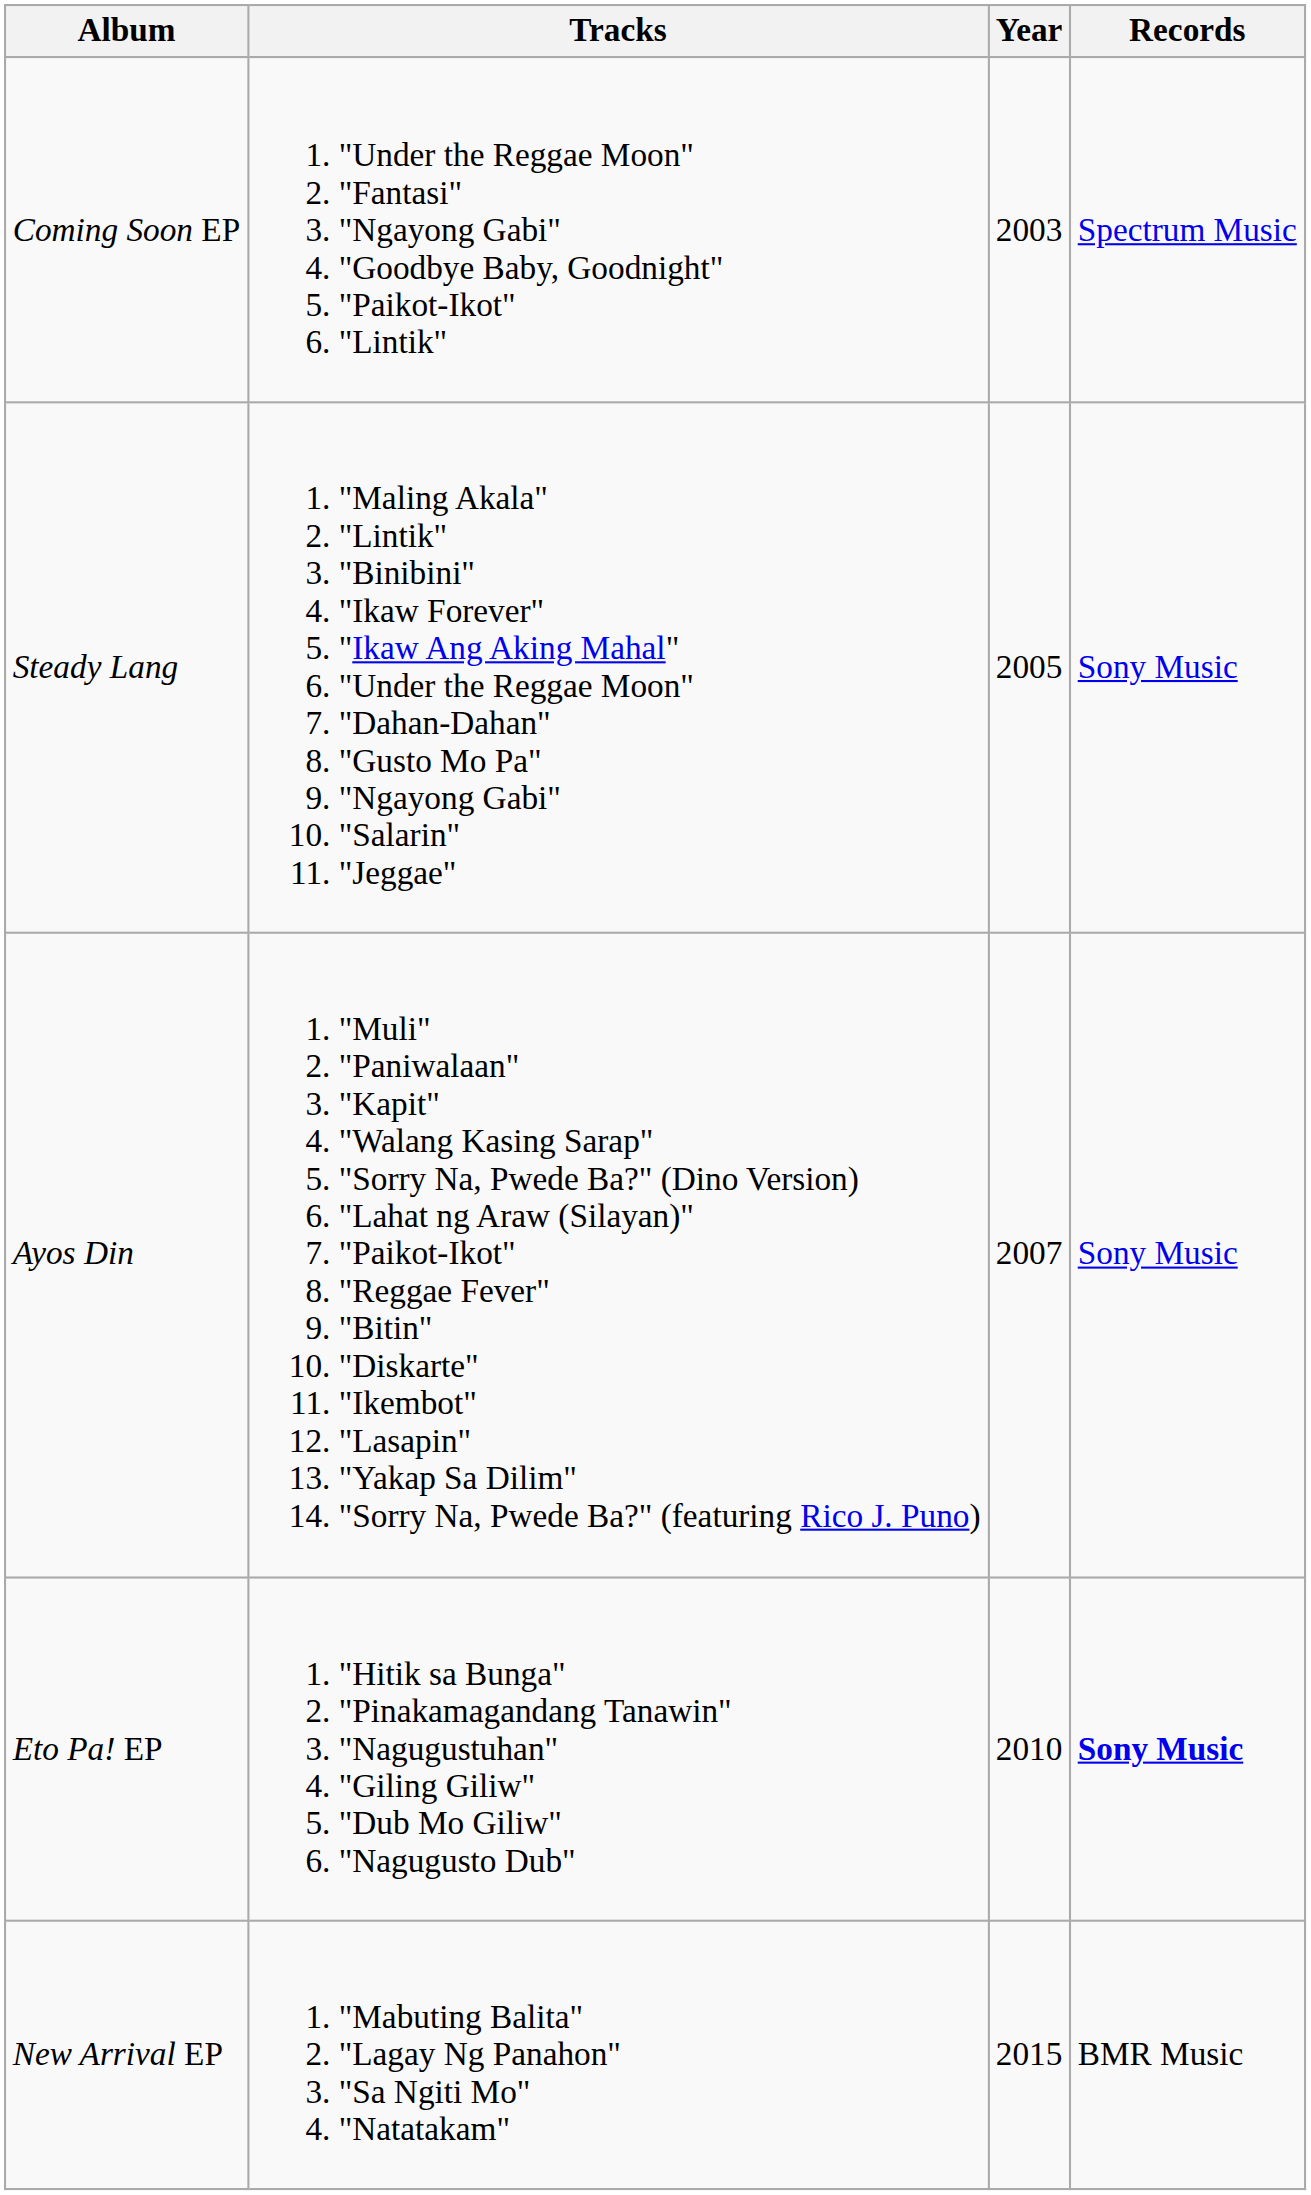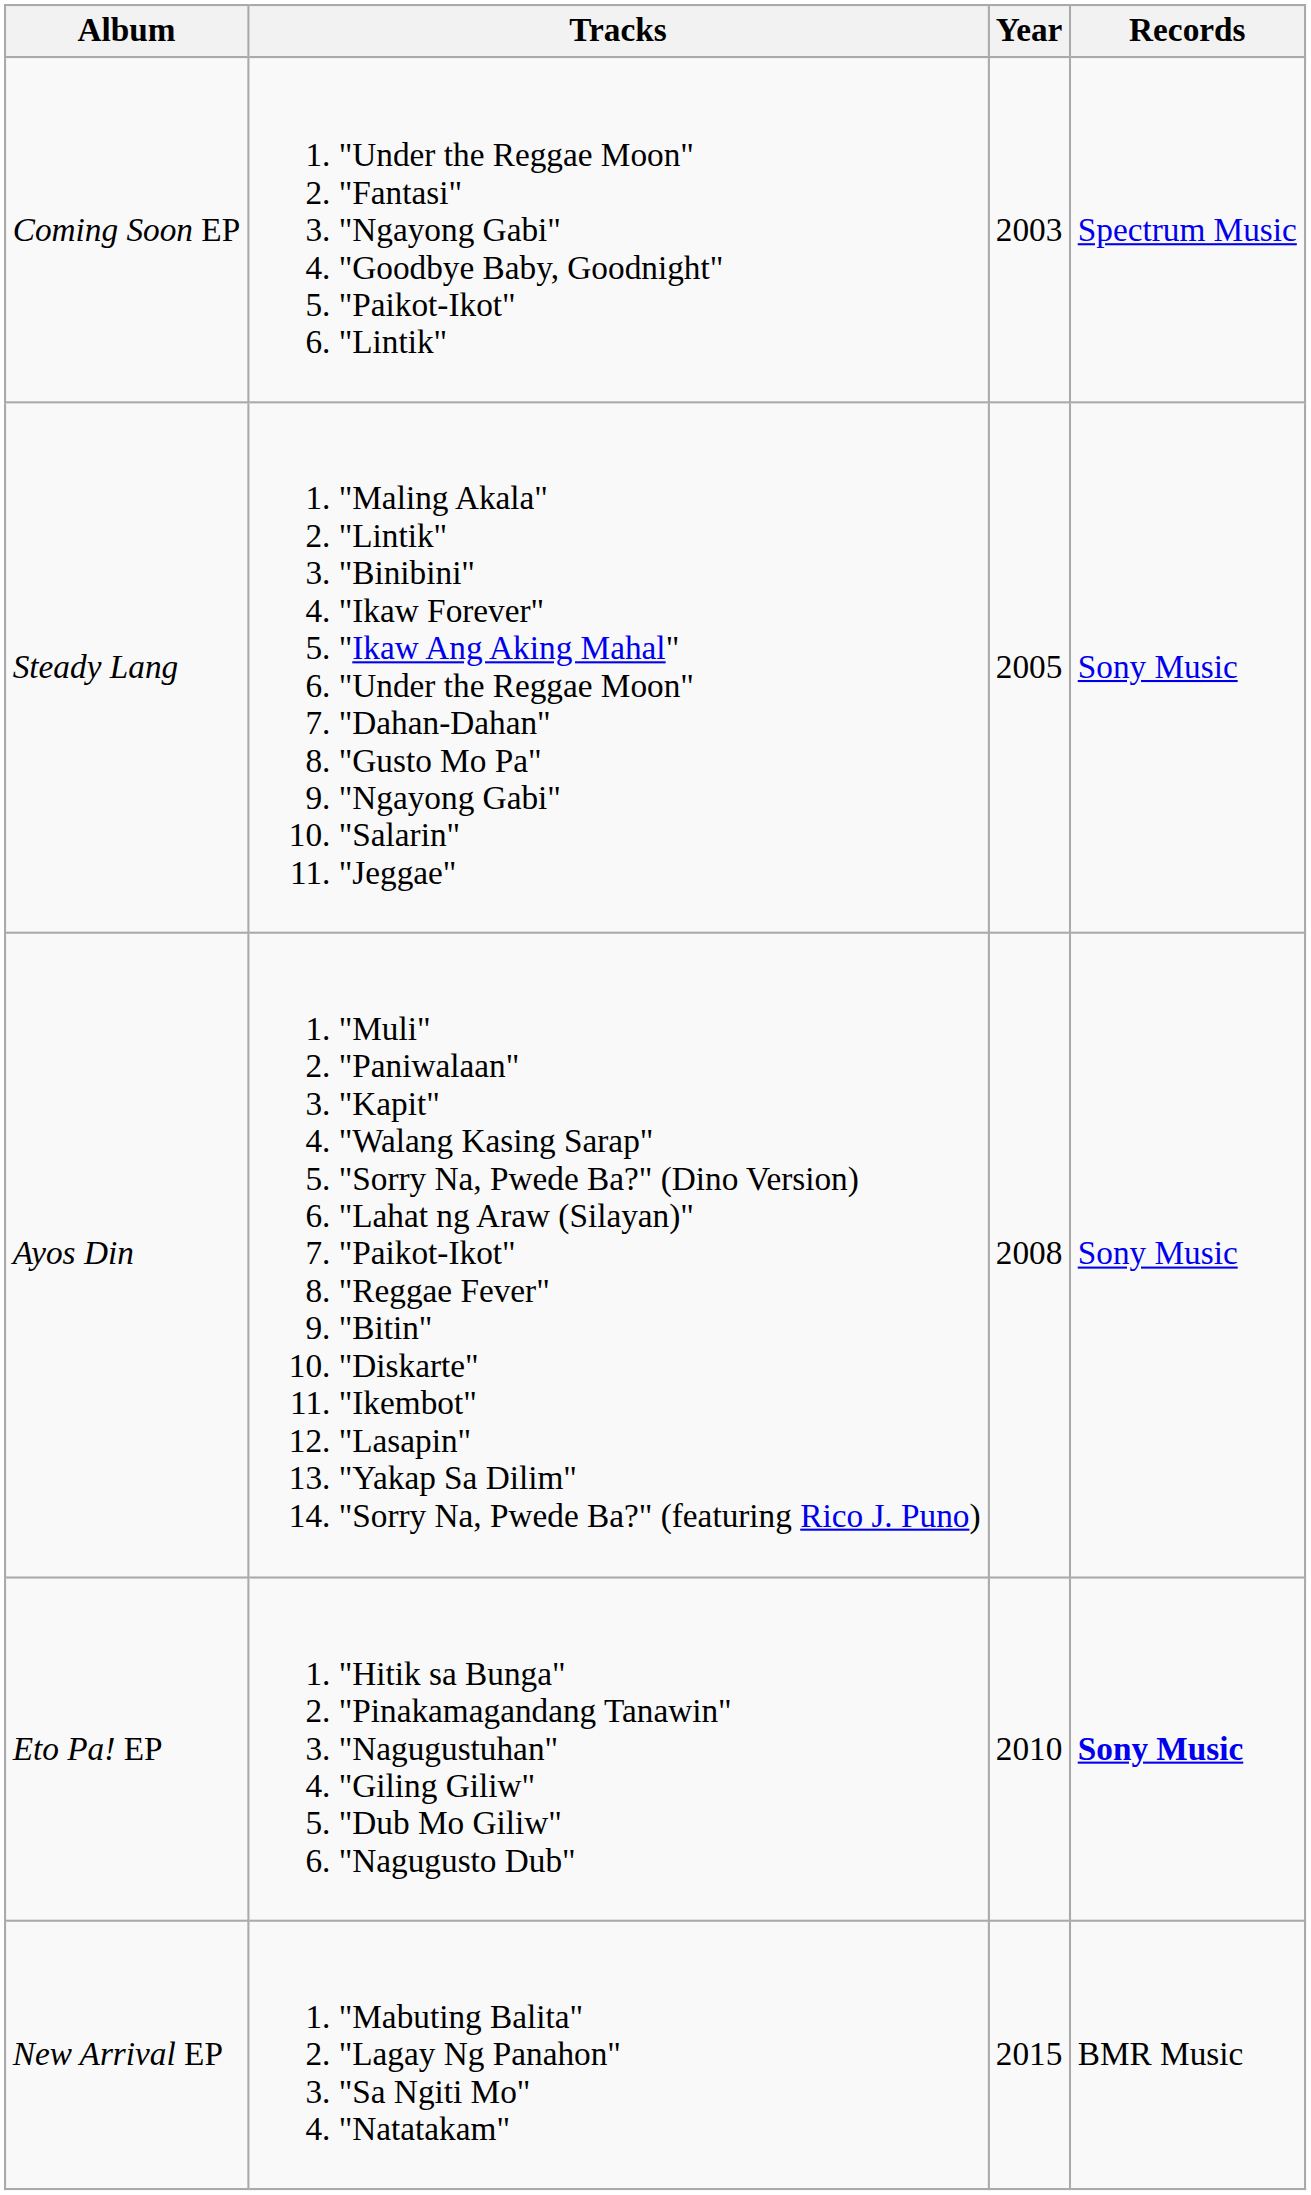 <table class="wikitable">
 <tr>
 <th>Album</th>
 <th>Tracks</th>
 <th>Year</th>
 <th>Records</th>
 </tr>
 <tr>
 <td><em>Coming Soon</em> EP</td>
 <td><br><ol><li>"Under the Reggae Moon"</li><li>"Fantasi"</li><li>"Ngayong Gabi"</li><li>"Goodbye Baby, Goodnight"</li><li>"Paikot-Ikot"</li><li>"Lintik"</li></ol></td>
 <td>2003</td>
 <td><a href='#'>Spectrum Music</a></td>
 </tr>
 <tr>
 <td><em>Steady Lang</em></td>
 <td><br><ol><li>"Maling Akala"</li><li>"Lintik"</li><li>"Binibini"</li><li>"Ikaw Forever"</li><li>"<a href='#'>Ikaw Ang Aking Mahal</a>"</li><li>"Under the Reggae Moon"</li><li>"Dahan-Dahan"</li><li>"Gusto Mo Pa"</li><li>"Ngayong Gabi"</li><li>"Salarin"</li><li>"Jeggae"</li></ol></td>
 <td>2005</td>
 <td><a href='#'>Sony Music</a></td>
 </tr>
 <tr>
 <td><em>Ayos Din</em></td>
 <td><br><ol><li>"Muli"</li><li>"Paniwalaan"</li><li>"Kapit"</li><li>"Walang Kasing Sarap"</li><li>"Sorry Na, Pwede Ba?" (Dino Version)</li><li>"Lahat ng Araw (Silayan)"</li><li>"Paikot-Ikot"</li><li>"Reggae Fever"</li><li>"Bitin"</li><li>"Diskarte"</li><li>"Ikembot"</li><li>"Lasapin"</li><li>"Yakap Sa Dilim"</li><li>"Sorry Na, Pwede Ba?" (featuring <a href='#'>Rico J. Puno</a>)</li></ol></td>
-<td>2007</td>
+<td>2008</td>
 <td><a href='#'>Sony Music</a></td>
 </tr>
 <tr>
 <td><em>Eto Pa!</em> EP</td>
 <td><br><ol><li>"Hitik sa Bunga"</li><li>"Pinakamagandang Tanawin"</li><li>"Nagugustuhan"</li><li>"Giling Giliw"</li><li>"Dub Mo Giliw"</li><li>"Nagugusto Dub"</li></ol></td>
 <td>2010</td>
 <td><strong><a href='#'>Sony Music</a></strong></td>
 </tr>
 <tr>
 <td><em>New Arrival</em> EP</td>
 <td><br><ol><li>"Mabuting Balita"</li><li>"Lagay Ng Panahon"</li><li>"Sa Ngiti Mo"</li><li>"Natatakam"</li></ol></td>
 <td>2015</td>
 <td>BMR Music</td>
 </tr>
 </table>
